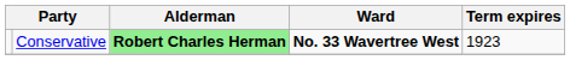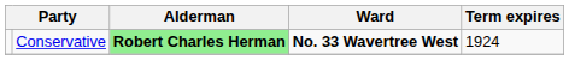 <table class="wikitable">
 <tr>
 <th colspan="2">Party</th>
 <th>Alderman</th>
 <th>Ward</th>
 <th>Term expires</th>
 </tr>
 <tr>
 <td style="background-color:"></td>
 <td><a href='#'>Conservative</a></td>
 <td style="background: lightgreen;"><strong>Robert Charles Herman</strong></td>
 <td><strong>No. 33 Wavertree West</strong></td>
-<td>1923</td>
+<td>1924</td>
 </tr>
 <tr>
 </tr>
 </table>
